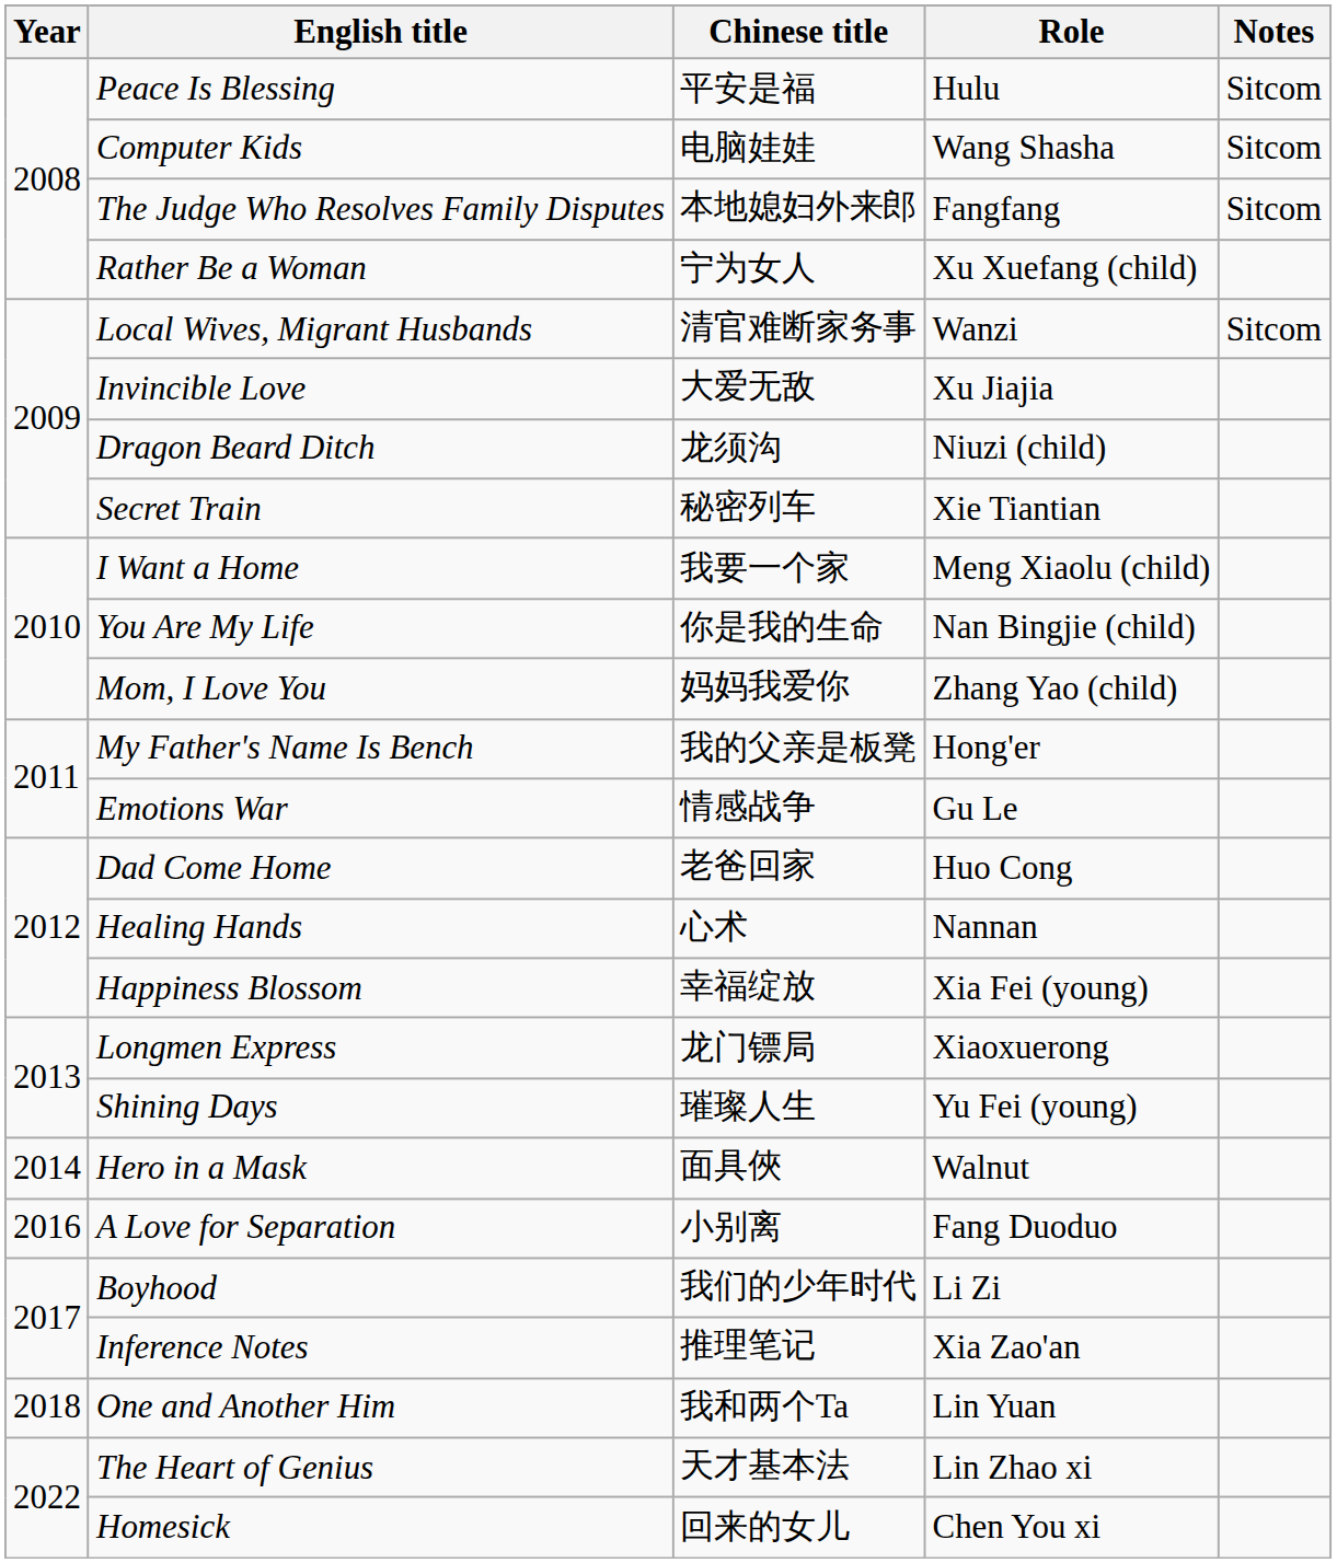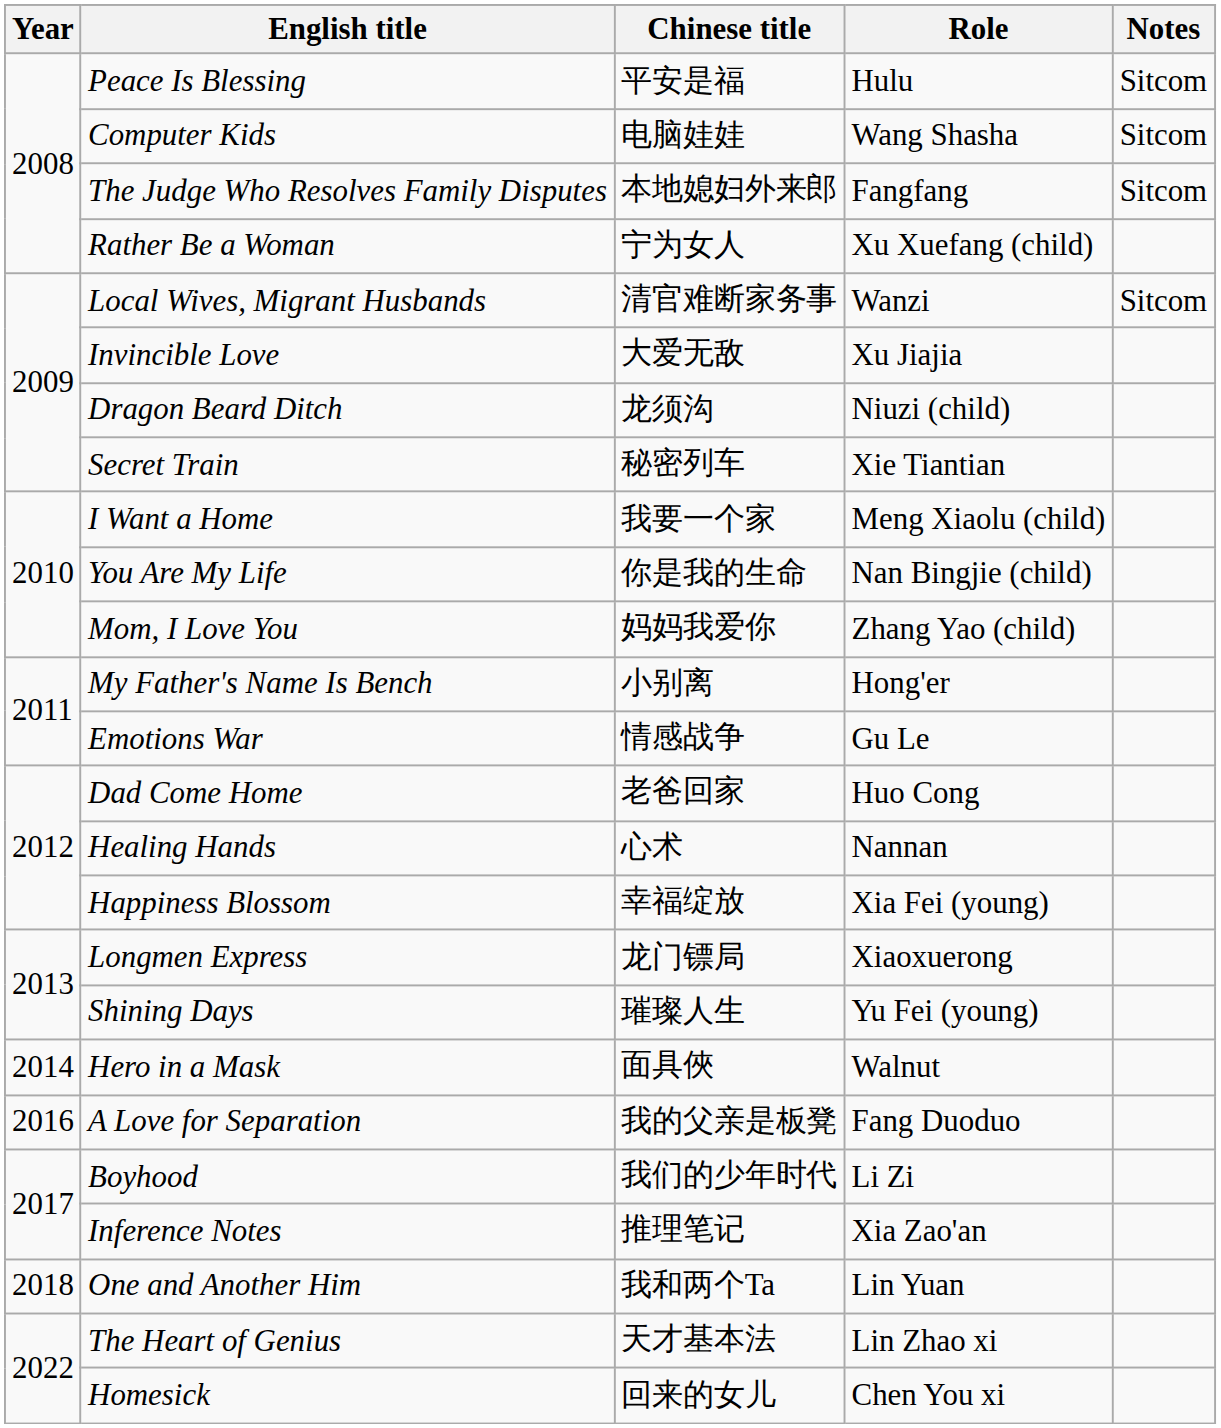 <table class="wikitable sortable">
 <tr>
 <th>Year</th>
 <th>English title</th>
 <th>Chinese title</th>
 <th>Role</th>
 <th class="unsortable">Notes</th>
 </tr>
 <tr>
 <td rowspan="4">2008</td>
 <td><em>Peace Is Blessing</em></td>
 <td>平安是福</td>
 <td>Hulu</td>
 <td>Sitcom</td>
 </tr>
 <tr>
 <td><em>Computer Kids</em></td>
 <td>电脑娃娃</td>
 <td>Wang Shasha</td>
 <td>Sitcom</td>
 </tr>
 <tr>
 <td><em>The Judge Who Resolves Family Disputes</em></td>
 <td>本地媳妇外来郎</td>
 <td>Fangfang</td>
 <td>Sitcom</td>
 </tr>
 <tr>
 <td><em>Rather Be a Woman</em></td>
 <td>宁为女人</td>
 <td>Xu Xuefang (child)</td>
 <td></td>
 </tr>
 <tr>
 <td rowspan="4">2009</td>
 <td><em>Local Wives, Migrant Husbands</em></td>
 <td>清官难断家务事</td>
 <td>Wanzi</td>
 <td>Sitcom</td>
 </tr>
 <tr>
 <td><em>Invincible Love</em></td>
 <td>大爱无敌</td>
 <td>Xu Jiajia</td>
 <td></td>
 </tr>
 <tr>
 <td><em>Dragon Beard Ditch</em></td>
 <td>龙须沟</td>
 <td>Niuzi (child)</td>
 <td></td>
 </tr>
 <tr>
 <td><em>Secret Train</em></td>
 <td>秘密列车</td>
 <td>Xie Tiantian</td>
 <td></td>
 </tr>
 <tr>
 <td rowspan=3>2010</td>
 <td><em>I Want a Home</em></td>
 <td>我要一个家</td>
 <td>Meng Xiaolu (child)</td>
 <td></td>
 </tr>
 <tr>
 <td><em>You Are My Life</em></td>
 <td>你是我的生命</td>
 <td>Nan Bingjie (child)</td>
 <td></td>
 </tr>
 <tr>
 <td><em>Mom, I Love You</em></td>
 <td>妈妈我爱你</td>
 <td>Zhang Yao (child)</td>
 <td></td>
 </tr>
 <tr>
 <td rowspan=2>2011</td>
 <td><em>My Father's Name Is Bench</em></td>
-<td>我的父亲是板凳</td>
+<td>小别离</td>
 <td>Hong'er</td>
 <td></td>
 </tr>
 <tr>
 <td><em>Emotions War</em></td>
 <td>情感战争</td>
 <td>Gu Le</td>
 <td></td>
 </tr>
 <tr>
 <td rowspan=3>2012</td>
 <td><em>Dad Come Home</em></td>
 <td>老爸回家</td>
 <td>Huo Cong</td>
 <td></td>
 </tr>
 <tr>
 <td><em>Healing Hands</em></td>
 <td>心术</td>
 <td>Nannan</td>
 <td></td>
 </tr>
 <tr>
 <td><em>Happiness Blossom</em></td>
 <td>幸福绽放</td>
 <td>Xia Fei (young)</td>
 <td></td>
 </tr>
 <tr>
 <td rowspan=2>2013</td>
 <td><em>Longmen Express</em></td>
 <td>龙门镖局</td>
 <td>Xiaoxuerong</td>
 <td></td>
 </tr>
 <tr>
 <td><em>Shining Days</em></td>
 <td>璀璨人生</td>
 <td>Yu Fei (young)</td>
 <td></td>
 </tr>
 <tr>
 <td>2014</td>
 <td><em>Hero in a Mask</em></td>
 <td>面具俠</td>
 <td>Walnut</td>
 <td></td>
 </tr>
 <tr>
 <td>2016</td>
 <td><em>A Love for Separation</em></td>
-<td>小别离</td>
+<td>我的父亲是板凳</td>
 <td>Fang Duoduo</td>
 <td></td>
 </tr>
 <tr>
 <td rowspan=2>2017</td>
 <td><em>Boyhood</em></td>
 <td>我们的少年时代</td>
 <td>Li Zi</td>
 <td></td>
 </tr>
 <tr>
 <td><em>Inference Notes</em></td>
 <td>推理笔记</td>
 <td>Xia Zao'an</td>
 <td></td>
 </tr>
 <tr>
 <td>2018</td>
 <td><em>One and Another Him</em></td>
 <td>我和两个Ta</td>
 <td>Lin Yuan</td>
 <td></td>
 </tr>
 <tr>
 <td rowspan="2">2022</td>
 <td><em>The Heart of Genius</em></td>
 <td>天才基本法</td>
 <td>Lin Zhao xi</td>
 <td></td>
 </tr>
 <tr>
 <td><em>Homesick</em></td>
 <td>回来的女儿</td>
 <td>Chen You xi</td>
 <td></td>
 </tr>
 </table>
